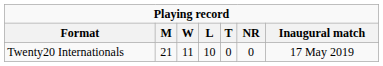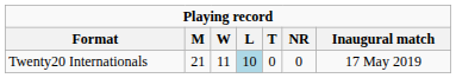 <table class="wikitable" style="text-align: center; width: 500px;">
 <tr>
 <td colspan=7 align="center"><strong>Playing record</strong></td>
 </tr>
 <tr>
 <th>Format</th>
 <th>M</th>
 <th>W</th>
 <th>L</th>
 <th>T</th>
 <th>NR</th>
 <th>Inaugural match</th>
 </tr>
 <tr>
 <td align="left">Twenty20 Internationals</td>
 <td>21</td>
 <td>11</td>
-<td>10</td>
+<td style="background: lightblue;">10</td>
 <td>0</td>
 <td>0</td>
 <td>17 May 2019</td>
 </tr>
 </table>
